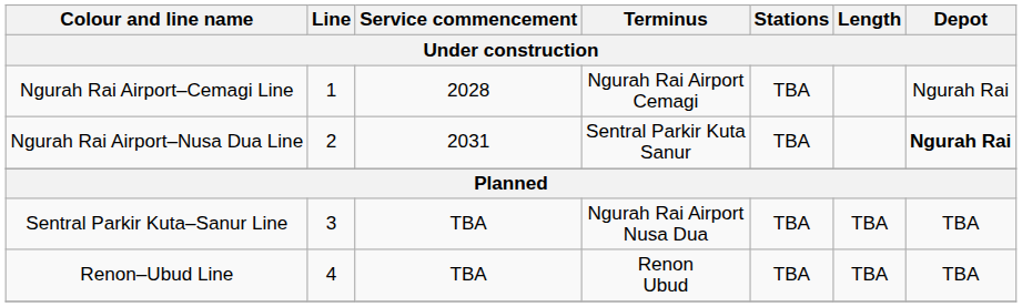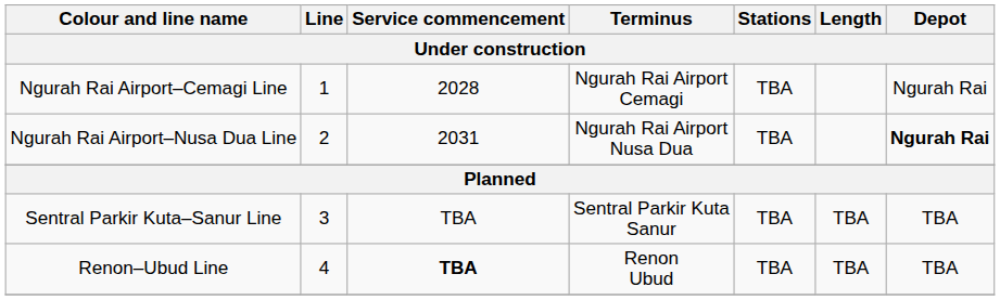 <table class="wikitable sortable" style="margin:auto; font-align:center; text-align:center">
 <tr>
 <th>Colour and line name</th>
 <th>Line</th>
 <th>Service commencement</th>
 <th>Terminus</th>
 <th>Stations</th>
 <th>Length</th>
 <th>Depot</th>
 </tr>
 <tr align="center">
 <th colspan="7">Under construction</th>
 </tr>
 <tr align="center">
 <td>Ngurah Rai Airport–Cemagi Line</td>
 <td>1</td>
 <td>2028</td>
 <td>Ngurah Rai Airport<br>Cemagi</td>
 <td>TBA</td>
 <td></td>
 <td>Ngurah Rai</td>
 </tr>
 <tr>
 <td>Ngurah Rai Airport–Nusa Dua Line</td>
 <td>2</td>
 <td>2031</td>
-<td>Sentral Parkir Kuta<br>Sanur</td>
+<td>Ngurah Rai Airport<br>Nusa Dua</td>
 <td>TBA</td>
 <td></td>
 <td><strong>Ngurah Rai</strong></td>
 </tr>
 <tr>
 </tr>
 <tr align="center">
 <th colspan="7">Planned</th>
 </tr>
 <tr align="center">
 <td>Sentral Parkir Kuta–Sanur Line</td>
 <td>3</td>
 <td>TBA</td>
-<td>Ngurah Rai Airport<br>Nusa Dua</td>
+<td>Sentral Parkir Kuta<br>Sanur</td>
 <td>TBA</td>
 <td>TBA</td>
 <td>TBA</td>
 </tr>
 <tr>
 <td>Renon–Ubud Line</td>
 <td>4</td>
-<td>TBA</td>
+<td><strong>TBA</strong></td>
 <td>Renon<br>Ubud</td>
 <td>TBA</td>
 <td>TBA</td>
 <td>TBA</td>
 </tr>
 <tr>
 </tr>
 </table>
